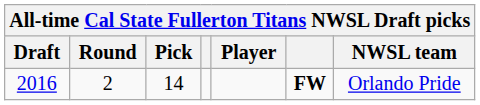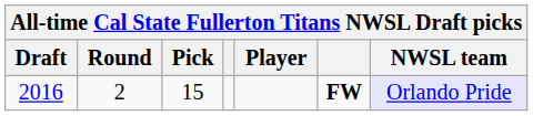 <table class="wikitable sortable" style="text-align: center;">
 <tr>
 <th colspan="7" style="background:#">All-time <a href='#'><span>Cal State Fullerton Titans</span></a> NWSL Draft picks</th>
 </tr>
 <tr>
 <th scope="col">Draft</th>
 <th scope="col">Round</th>
 <th scope="col">Pick</th>
 <th scope="col"></th>
 <th scope="col">Player</th>
 <th scope="col"></th>
 <th scope="col">NWSL team</th>
 </tr>
 <tr>
 <td><a href='#'>2016</a></td>
 <td>2</td>
-<td>14</td>
+<td>15</td>
 <td></td>
 <td></td>
 <td><strong>FW</strong></td>
-<td><a href='#'>Orlando Pride</a></td>
+<td style="background: lavender;"><a href='#'>Orlando Pride</a></td>
 </tr>
 </table>
